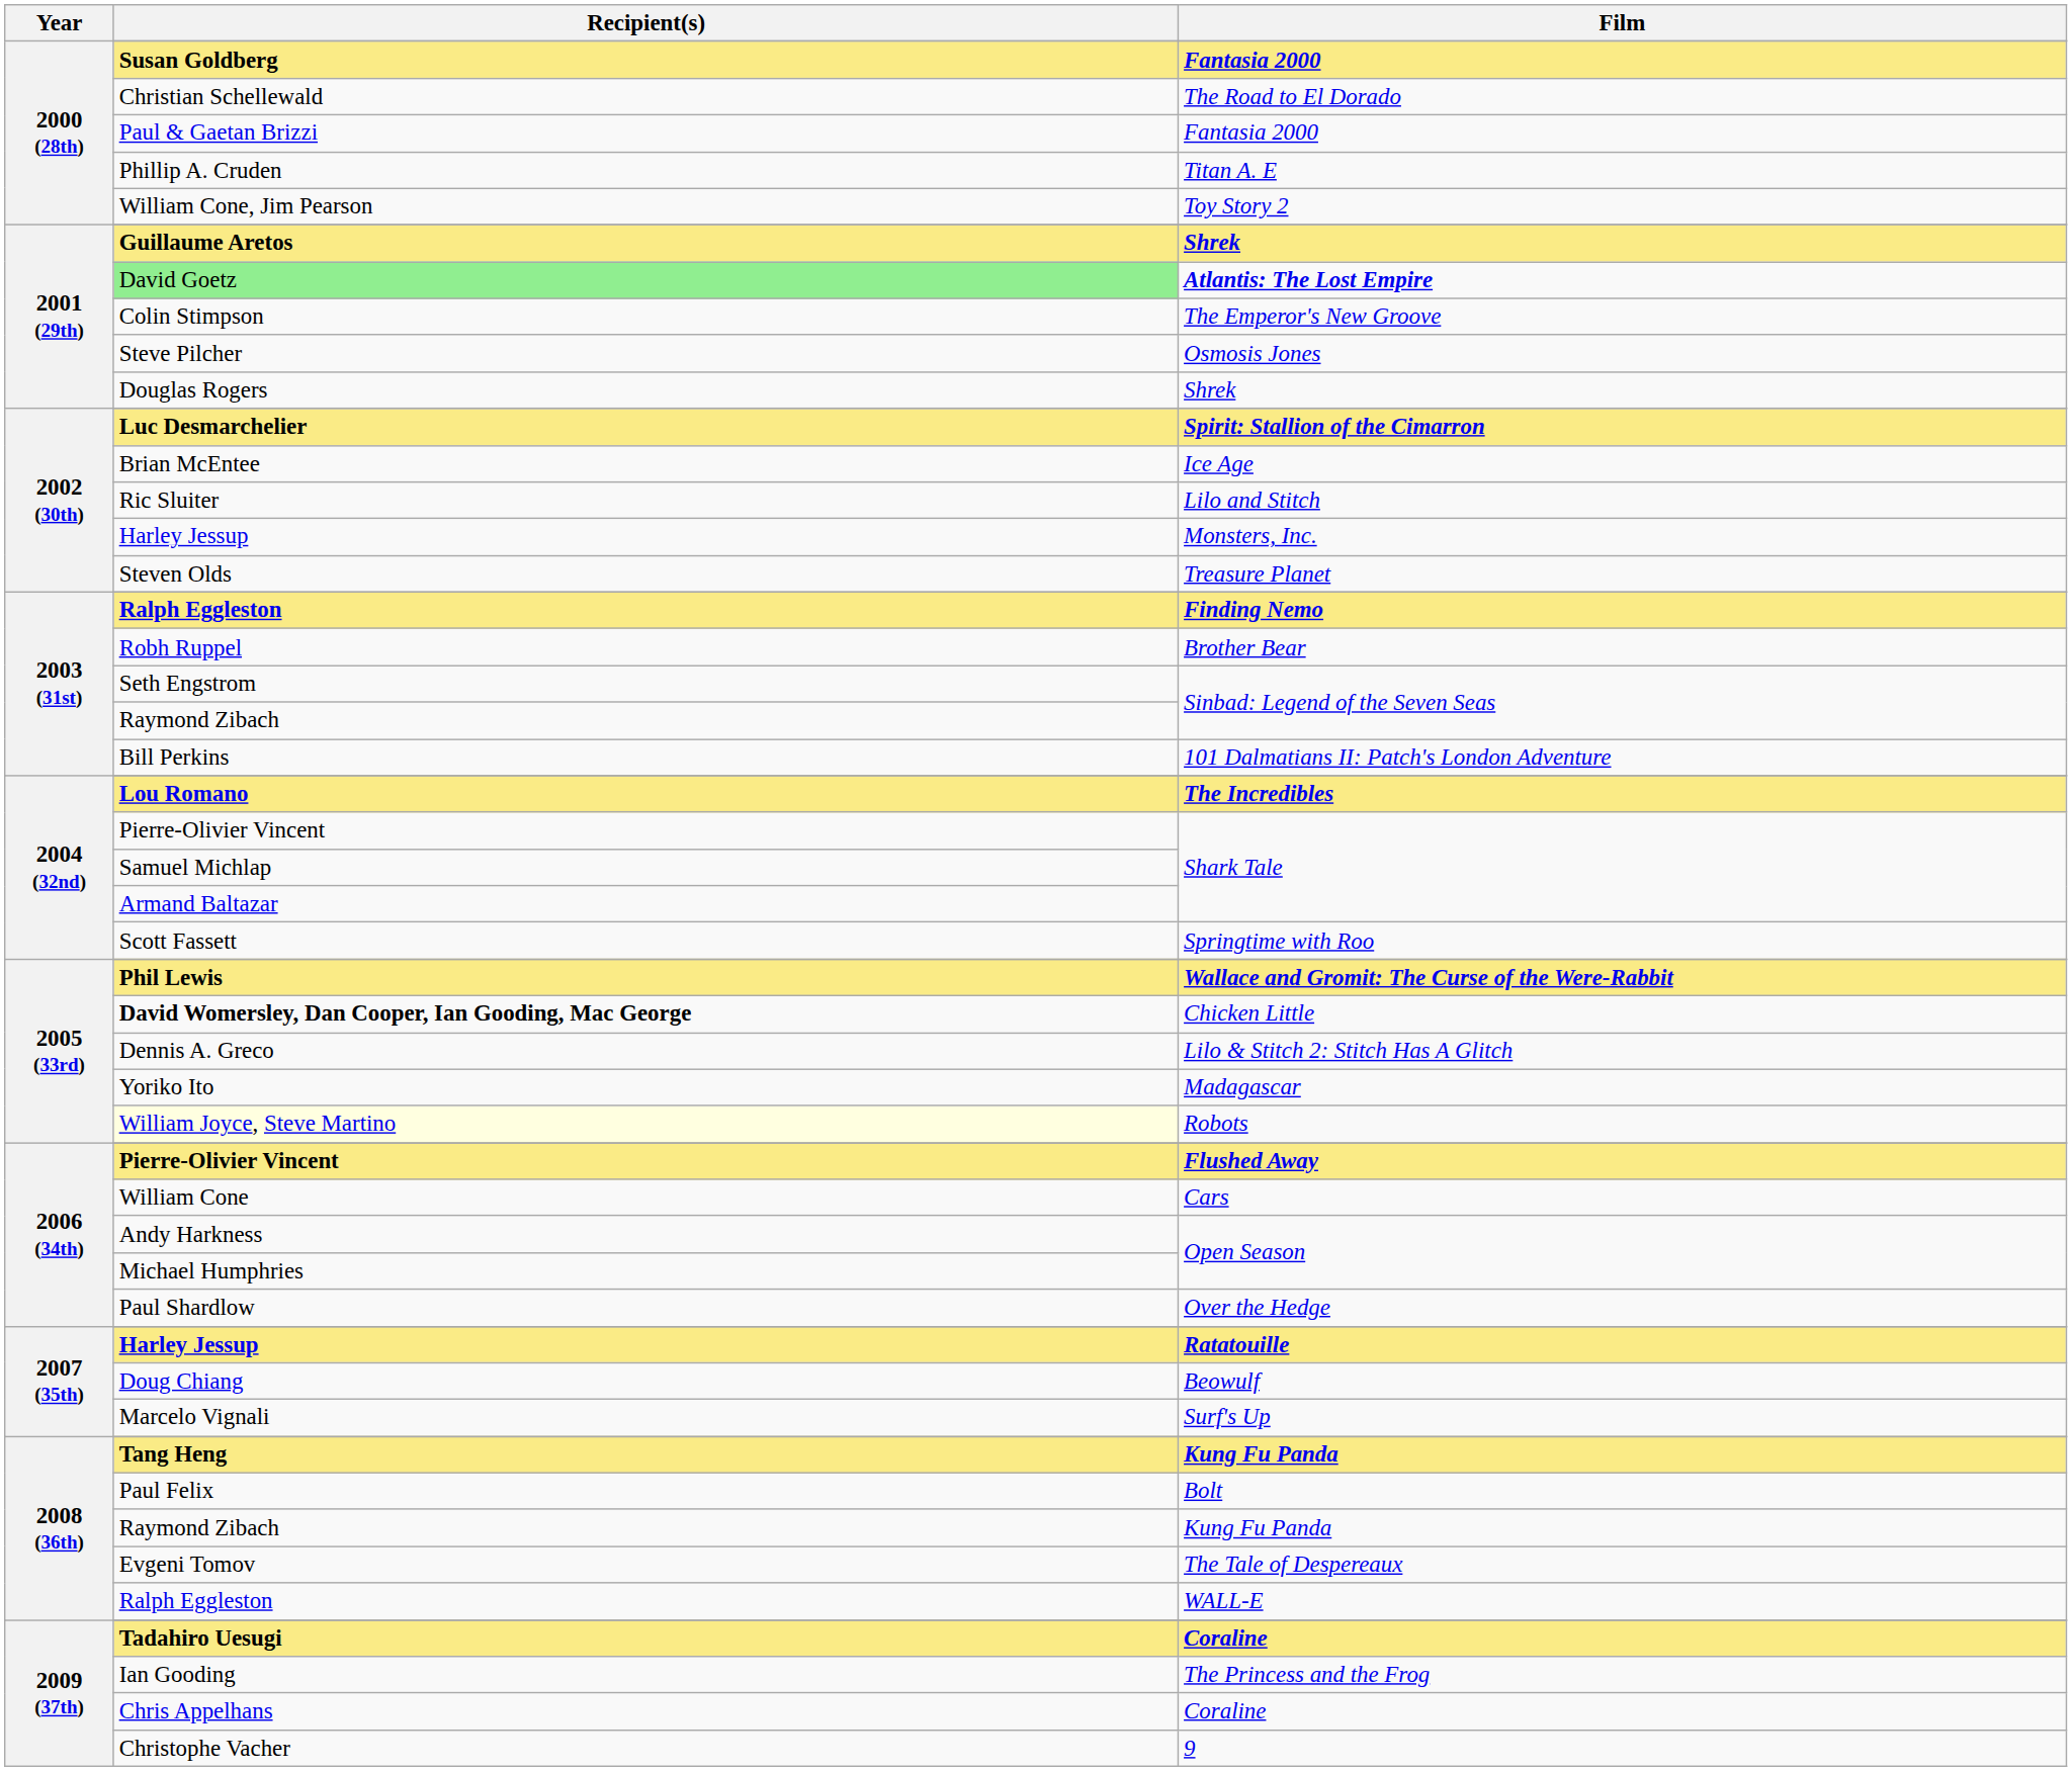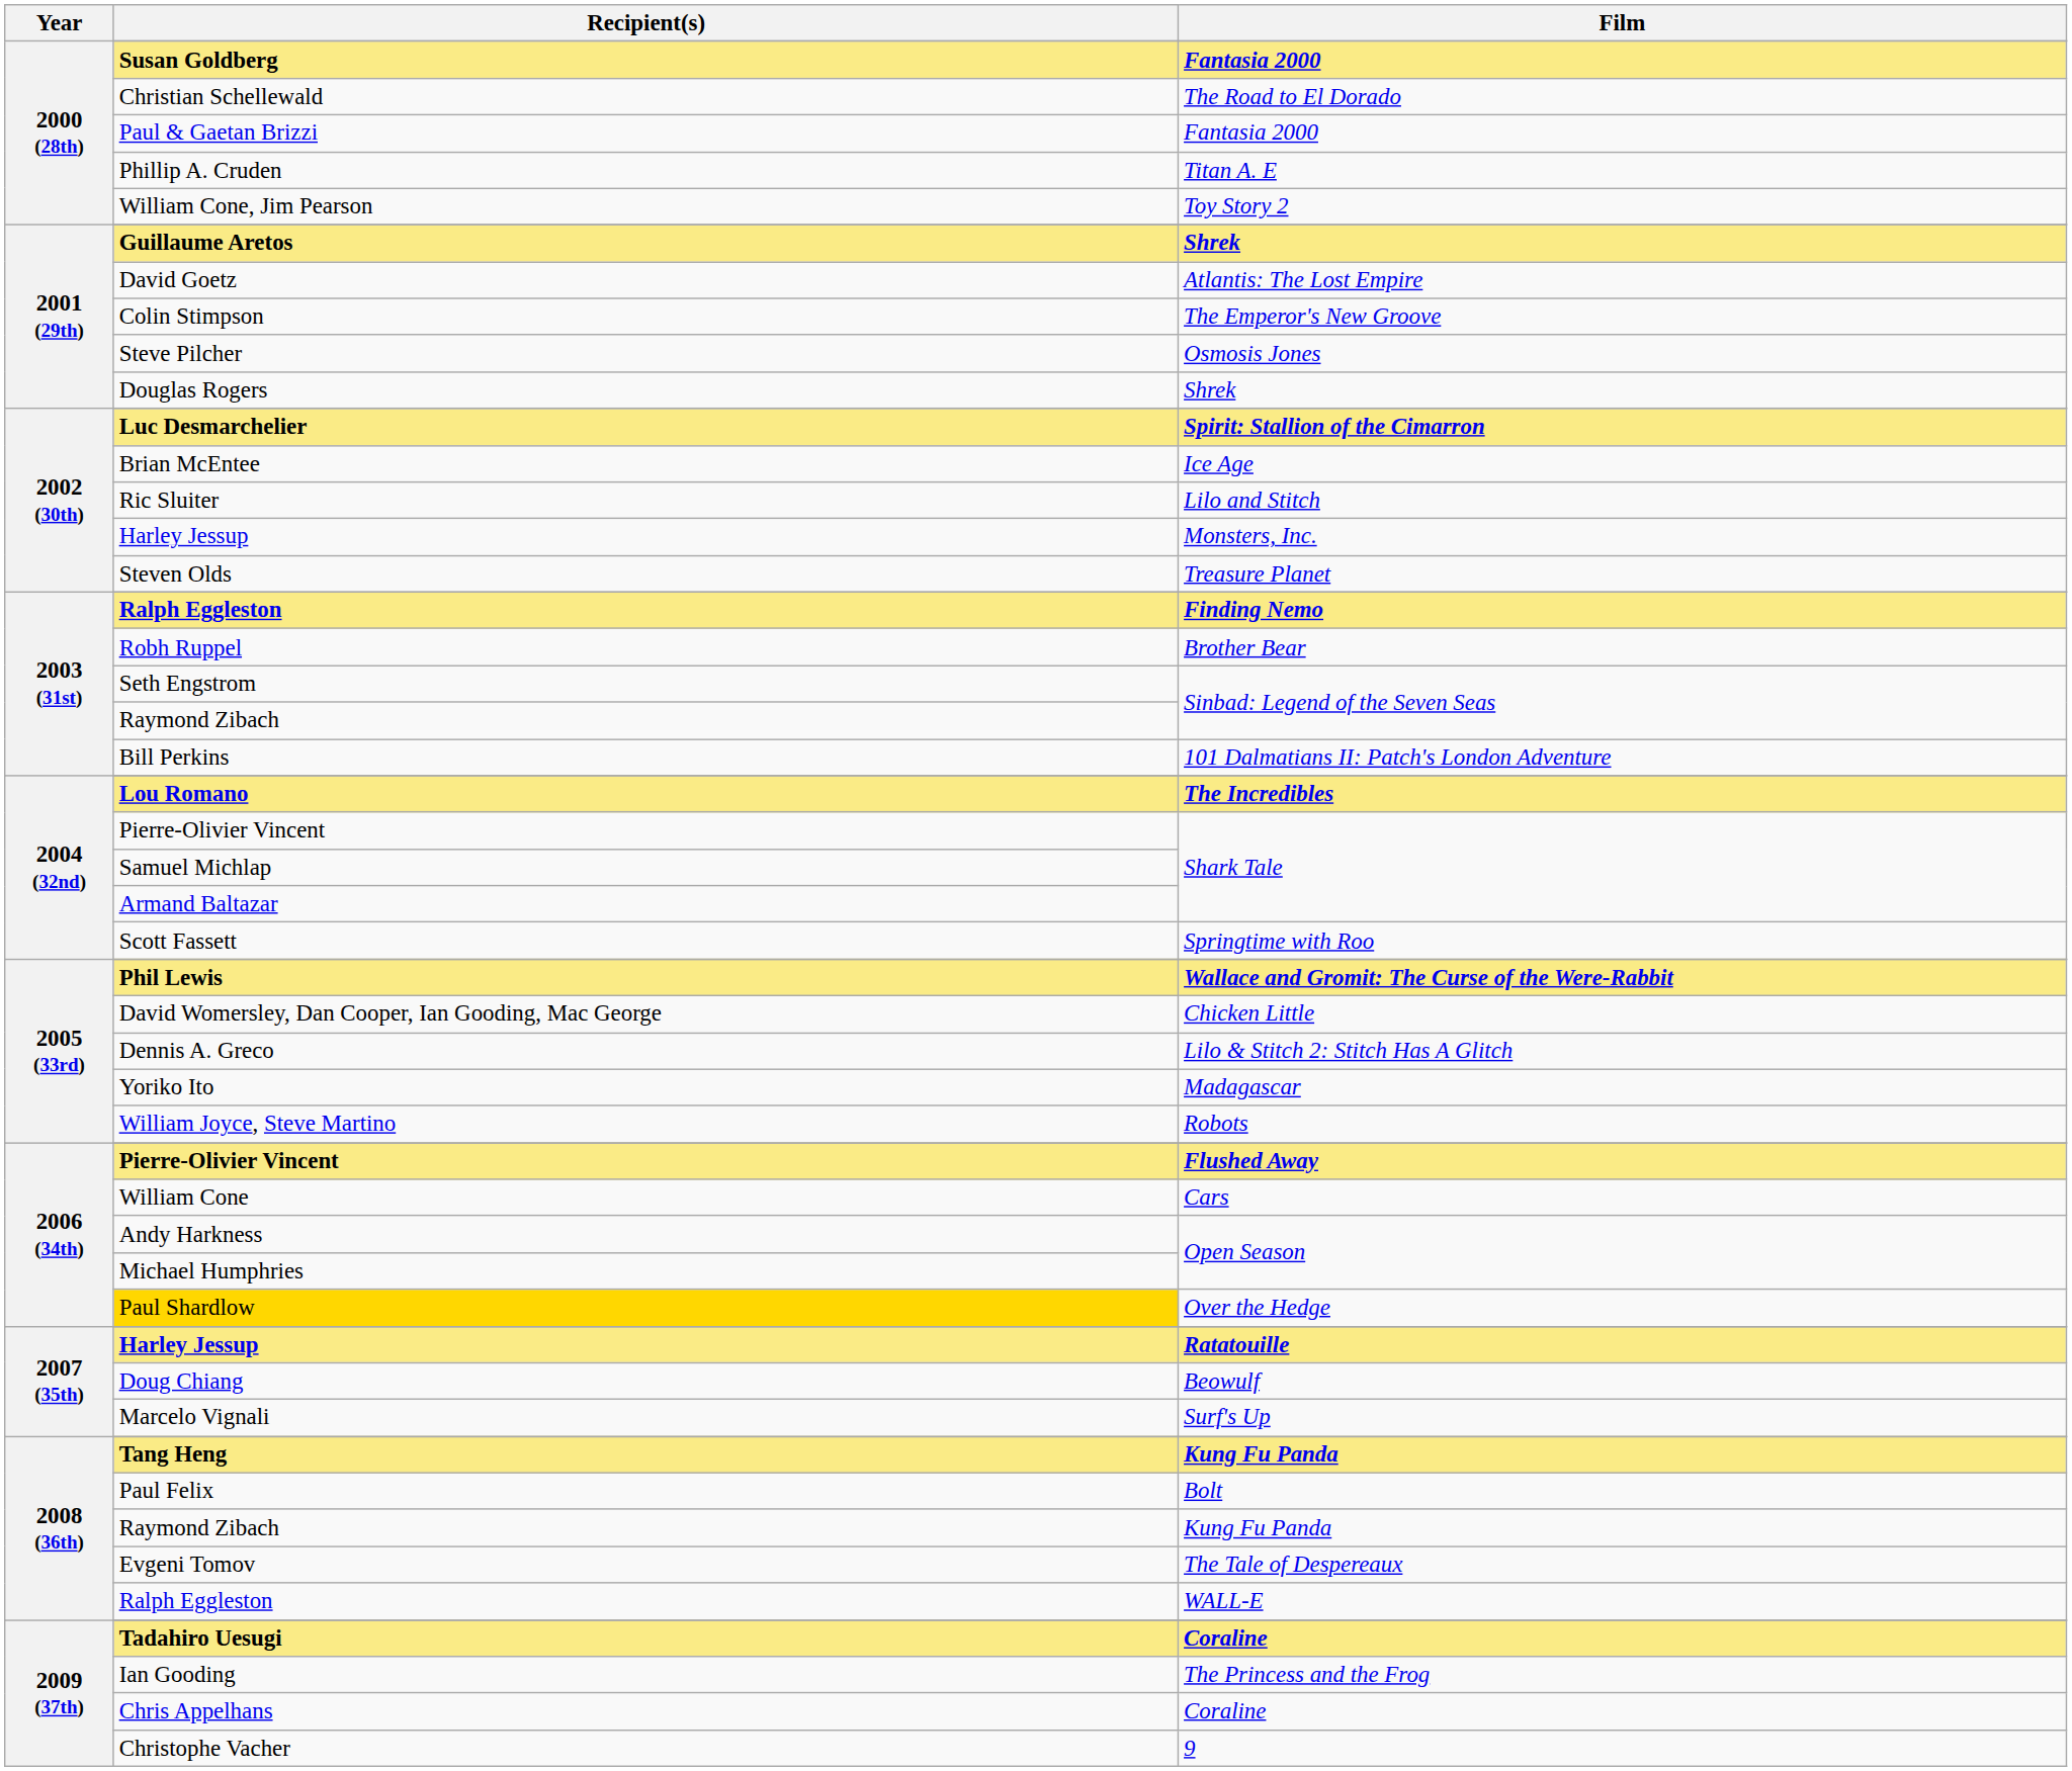 <table class="wikitable" style="width:90%;">
 <tr>
 <th style="width:3%;">Year</th>
 <th style="width:30%;">Recipient(s)</th>
 <th style="width:25%;">Film</th>
 </tr>
 <tr>
 <th rowspan="6" style="text-align:center;">2000 <br><small>(<a href='#'>28th</a>)</small><br></th>
 </tr>
 <tr>
 <td style="background:#FAEB86;"><strong>Susan Goldberg</strong></td>
 <td style="background:#FAEB86;"><strong><em><a href='#'>Fantasia 2000</a></em></strong></td>
 </tr>
 <tr>
 <td>Christian Schellewald</td>
 <td><em><a href='#'>The Road to El Dorado</a></em></td>
 </tr>
 <tr>
 <td><a href='#'>Paul & Gaetan Brizzi</a></td>
 <td><em><a href='#'>Fantasia 2000</a></em></td>
 </tr>
 <tr>
 <td>Phillip A. Cruden</td>
 <td><em><a href='#'>Titan A. E</a></em></td>
 </tr>
 <tr>
 <td>William Cone, Jim Pearson</td>
 <td><em><a href='#'>Toy Story 2</a></em></td>
 </tr>
 <tr>
 <th rowspan="6" style="text-align:center;">2001 <br><small>(<a href='#'>29th</a>)</small><br></th>
 </tr>
 <tr>
 <td style="background:#FAEB86;"><strong>Guillaume Aretos</strong></td>
 <td style="background:#FAEB86;"><strong><em><a href='#'>Shrek</a></em></strong></td>
 </tr>
 <tr>
-<td style="background: lightgreen;">David Goetz</td>
-<td><strong><em><a href='#'>Atlantis: The Lost Empire</a></em></strong></td>
+<td>David Goetz</td>
+<td><em><a href='#'>Atlantis: The Lost Empire</a></em></td>
 </tr>
 <tr>
 <td>Colin Stimpson</td>
 <td><em><a href='#'>The Emperor's New Groove</a></em></td>
 </tr>
 <tr>
 <td>Steve Pilcher</td>
 <td><em><a href='#'>Osmosis Jones</a></em></td>
 </tr>
 <tr>
 <td>Douglas Rogers</td>
 <td><em><a href='#'>Shrek</a></em></td>
 </tr>
 <tr>
 <th rowspan="6" style="text-align:center;">2002 <br><small>(<a href='#'>30th</a>)</small><br></th>
 </tr>
 <tr>
 <td style="background:#FAEB86;"><strong>Luc Desmarchelier</strong></td>
 <td style="background:#FAEB86;"><strong><em><a href='#'>Spirit: Stallion of the Cimarron</a></em></strong></td>
 </tr>
 <tr>
 <td>Brian McEntee</td>
 <td><em><a href='#'>Ice Age</a></em></td>
 </tr>
 <tr>
 <td>Ric Sluiter</td>
 <td><em><a href='#'>Lilo and Stitch</a></em></td>
 </tr>
 <tr>
 <td><a href='#'>Harley Jessup</a></td>
 <td><em><a href='#'>Monsters, Inc.</a></em></td>
 </tr>
 <tr>
 <td>Steven Olds</td>
 <td><em><a href='#'>Treasure Planet</a></em></td>
 </tr>
 <tr>
 <th rowspan="6" style="text-align:center;">2003 <br><small>(<a href='#'>31st</a>)</small><br></th>
 </tr>
 <tr>
 <td style="background:#FAEB86;"><strong><a href='#'>Ralph Eggleston</a></strong></td>
 <td style="background:#FAEB86;"><strong><em><a href='#'>Finding Nemo</a></em></strong></td>
 </tr>
 <tr>
 <td><a href='#'>Robh Ruppel</a></td>
 <td><em><a href='#'>Brother Bear</a></em></td>
 </tr>
 <tr>
 <td>Seth Engstrom</td>
 <td rowspan="2"><em><a href='#'>Sinbad: Legend of the Seven Seas</a></em></td>
 </tr>
 <tr>
 <td>Raymond Zibach</td>
 </tr>
 <tr>
 <td>Bill Perkins</td>
 <td><em><a href='#'>101 Dalmatians II: Patch's London Adventure</a></em></td>
 </tr>
 <tr>
 <th rowspan="6" style="text-align:center;">2004 <br><small>(<a href='#'>32nd</a>)</small><br></th>
 </tr>
 <tr>
 <td style="background:#FAEB86;"><strong><a href='#'>Lou Romano</a></strong></td>
 <td style="background:#FAEB86;"><strong><em><a href='#'>The Incredibles</a></em></strong></td>
 </tr>
 <tr>
 <td>Pierre-Olivier Vincent</td>
 <td rowspan="3"><em><a href='#'>Shark Tale</a></em></td>
 </tr>
 <tr>
 <td>Samuel Michlap</td>
 </tr>
 <tr>
 <td><a href='#'>Armand Baltazar</a></td>
 </tr>
 <tr>
 <td>Scott Fassett</td>
 <td><em><a href='#'>Springtime with Roo</a></em></td>
 </tr>
 <tr>
 <th rowspan="6" style="text-align:center;">2005 <br><small>(<a href='#'>33rd</a>)</small><br></th>
 </tr>
 <tr>
 <td style="background:#FAEB86;"><strong>Phil Lewis</strong></td>
 <td style="background:#FAEB86;"><strong><em><a href='#'>Wallace and Gromit: The Curse of the Were-Rabbit</a></em></strong></td>
 </tr>
 <tr>
-<td><strong>David Womersley, Dan Cooper, Ian Gooding, Mac George</strong></td>
+<td>David Womersley, Dan Cooper, Ian Gooding, Mac George</td>
 <td><em><a href='#'>Chicken Little</a></em></td>
 </tr>
 <tr>
 <td>Dennis A. Greco</td>
 <td><em><a href='#'>Lilo & Stitch 2: Stitch Has A Glitch</a></em></td>
 </tr>
 <tr>
 <td>Yoriko Ito</td>
 <td><em><a href='#'>Madagascar</a></em></td>
 </tr>
 <tr>
-<td style="background: lightyellow;"><a href='#'>William Joyce</a>, <a href='#'>Steve Martino</a></td>
+<td><a href='#'>William Joyce</a>, <a href='#'>Steve Martino</a></td>
 <td><em><a href='#'>Robots</a></em></td>
 </tr>
 <tr>
 <th rowspan="6" style="text-align:center;">2006 <br><small>(<a href='#'>34th</a>)</small><br></th>
 </tr>
 <tr>
 <td style="background:#FAEB86;"><strong>Pierre-Olivier Vincent</strong></td>
 <td style="background:#FAEB86;"><strong><em><a href='#'>Flushed Away</a></em></strong></td>
 </tr>
 <tr>
 <td>William Cone</td>
 <td><em><a href='#'>Cars</a></em></td>
 </tr>
 <tr>
 <td>Andy Harkness</td>
 <td rowspan="2"><em><a href='#'>Open Season</a></em></td>
 </tr>
 <tr>
 <td>Michael Humphries</td>
 </tr>
 <tr>
-<td>Paul Shardlow</td>
+<td style="background: gold;">Paul Shardlow</td>
 <td><em><a href='#'>Over the Hedge</a></em></td>
 </tr>
 <tr>
 <th rowspan="4" style="text-align:center;">2007 <br><small>(<a href='#'>35th</a>)</small><br></th>
 </tr>
 <tr>
 <td style="background:#FAEB86;"><strong><a href='#'>Harley Jessup</a></strong></td>
 <td style="background:#FAEB86;"><strong><em><a href='#'>Ratatouille</a></em></strong></td>
 </tr>
 <tr>
 <td><a href='#'>Doug Chiang</a></td>
 <td><em><a href='#'>Beowulf</a></em></td>
 </tr>
 <tr>
 <td>Marcelo Vignali</td>
 <td><a href='#'><em>Surf's Up</em></a></td>
 </tr>
 <tr>
 <th rowspan="6" style="text-align:center;">2008 <br><small>(<a href='#'>36th</a>)</small><br></th>
 </tr>
 <tr>
 <td style="background:#FAEB86;"><strong>Tang Heng</strong></td>
 <td style="background:#FAEB86;"><strong><em><a href='#'>Kung Fu Panda</a></em></strong></td>
 </tr>
 <tr>
 <td>Paul Felix</td>
 <td><a href='#'><em>Bolt</em></a></td>
 </tr>
 <tr>
 <td>Raymond Zibach</td>
 <td><em><a href='#'>Kung Fu Panda</a></em></td>
 </tr>
 <tr>
 <td>Evgeni Tomov</td>
 <td><em><a href='#'>The Tale of Despereaux</a></em></td>
 </tr>
 <tr>
 <td><a href='#'>Ralph Eggleston</a></td>
 <td><em><a href='#'>WALL-E</a></em></td>
 </tr>
 <tr>
 <th rowspan="5" style="text-align:center;">2009 <br><small>(<a href='#'>37th</a>)</small><br></th>
 </tr>
 <tr>
 <td style="background:#FAEB86;"><strong>Tadahiro Uesugi</strong></td>
 <td style="background:#FAEB86;"><strong><em><a href='#'>Coraline</a></em></strong></td>
 </tr>
 <tr>
 <td>Ian Gooding</td>
 <td><em><a href='#'>The Princess and the Frog</a></em></td>
 </tr>
 <tr>
 <td><a href='#'>Chris Appelhans</a></td>
 <td><a href='#'><em>Coraline</em></a></td>
 </tr>
 <tr>
 <td>Christophe Vacher</td>
 <td><a href='#'><em>9</em></a></td>
 </tr>
 <tr>
 </tr>
 </table>
